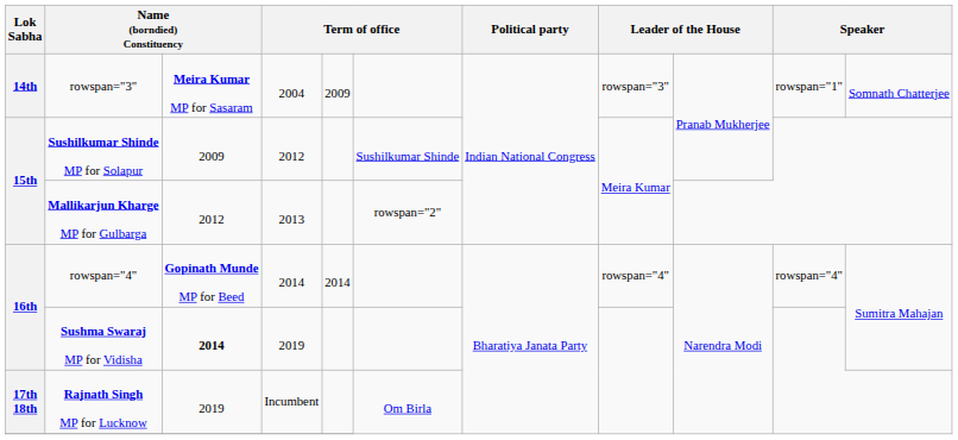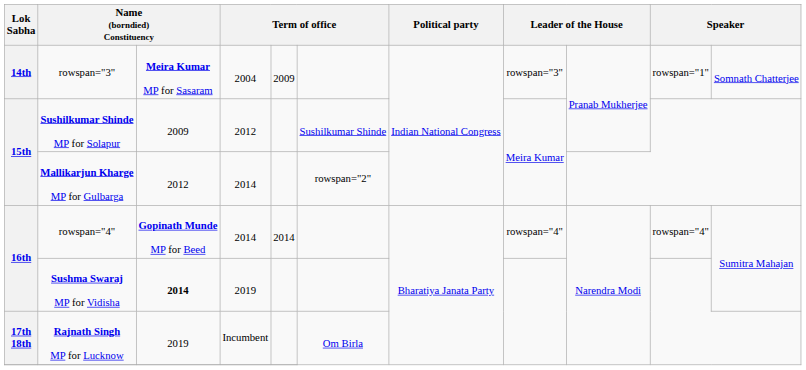 <table class=wikitable style="text-align:center">
 <tr>
 <th>Lok<br>Sabha</th>
 <th colspan="2">Name<small><br>(borndied)<br>Constituency</small></th>
 <th colspan="3">Term of office</th>
 <th>Political party</th>
 <th colspan="2">Leader of the House</th>
 <th colspan="2">Speaker<br></th>
 </tr>
 <tr>
 <th><a href='#'>14th</a></th>
 <td>rowspan="3" </td>
 <td><br><strong><a href='#'>Meira Kumar</a></strong><br><br><a href='#'>MP</a> for <a href='#'>Sasaram</a></td>
 <td><br>2004</td>
 <td><br>2009</td>
 <td></td>
 <td rowspan="3"><br><a href='#'>Indian National Congress</a></td>
 <td>rowspan="3" </td>
 <td rowspan="2"><br><a href='#'>Pranab Mukherjee</a></td>
 <td>rowspan="1" </td>
 <td><br><a href='#'>Somnath Chatterjee</a><br></td>
 </tr>
 <tr>
 <th rowspan="2"><a href='#'>15th</a></th>
 <td><br><strong><a href='#'>Sushilkumar Shinde</a></strong><br><br><a href='#'>MP</a> for <a href='#'>Solapur</a></td>
 <td><br>2009</td>
 <td><br>2012</td>
 <td></td>
 <td><br><a href='#'>Sushilkumar Shinde</a></td>
 <td rowspan="2"><br><a href='#'>Meira Kumar</a><br></td>
 </tr>
 <tr>
 <td><br><strong><a href='#'>Mallikarjun Kharge</a></strong><br><br><a href='#'>MP</a> for <a href='#'>Gulbarga</a></td>
 <td><br>2012</td>
-<td><br>2013</td>
+<td><br>2014</td>
 <td></td>
 <td>rowspan="2" </td>
 </tr>
 <tr>
 <th rowspan="2"><a href='#'>16th</a></th>
 <td>rowspan="4" </td>
 <td><br><strong><a href='#'>Gopinath Munde</a></strong><br><br><a href='#'>MP</a> for <a href='#'>Beed</a></td>
 <td><br>2014</td>
 <td><br>2014</td>
 <td></td>
 <td rowspan="4"><br><a href='#'>Bharatiya Janata Party</a></td>
 <td>rowspan="4" </td>
 <td rowspan="4"><br><a href='#'>Narendra Modi</a></td>
 <td>rowspan="4" </td>
 <td rowspan="2"><br><a href='#'>Sumitra Mahajan</a><br></td>
 </tr>
 <tr>
 <td><br><strong><a href='#'>Sushma Swaraj</a></strong><br><br><a href='#'>MP</a> for <a href='#'>Vidisha</a></td>
 <td><strong><br>2014</strong></td>
 <td><br>2019</td>
 <td></td>
 </tr>
 <tr>
 <th><a href='#'>17th</a><br><a href='#'>18th</a></th>
 <td><br><strong><a href='#'>Rajnath Singh</a></strong><br><br><a href='#'>MP</a> for <a href='#'>Lucknow</a></td>
 <td><br>2019</td>
 <td>Incumbent</td>
 <td></td>
 <td rowspan="2"><br><a href='#'>Om Birla</a><br></td>
 </tr>
 <tr>
 </tr>
 </table>
